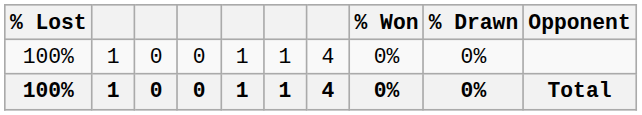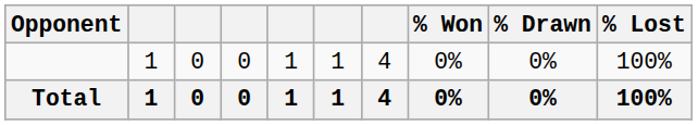 <table class="wikitable">
 <tr align=center>
-<th>% Lost</th>
+<th>Opponent</th>
 <th width=20></th>
 <th width=20></th>
 <th width=20></th>
 <th width=20></th>
 <th width=20></th>
 <th width=20></th>
 <th>% Won</th>
 <th>% Drawn</th>
-<th>Opponent</th>
+<th>% Lost</th>
 </tr>
 <tr align=center>
-<td>100%</td>
+<td align=left></td>
 <td>1</td>
 <td>0</td>
 <td>0</td>
 <td>1</td>
 <td>1</td>
 <td>4</td>
 <td>0%</td>
 <td>0%</td>
-<td align=left></td>
+<td>100%</td>
 </tr>
 <tr>
-<th>100%</th>
+<th>Total</th>
 <th>1</th>
 <th>0</th>
 <th>0</th>
 <th>1</th>
 <th>1</th>
 <th>4</th>
 <th>0%</th>
 <th>0%</th>
-<th>Total</th>
+<th>100%</th>
 </tr>
 </table>
